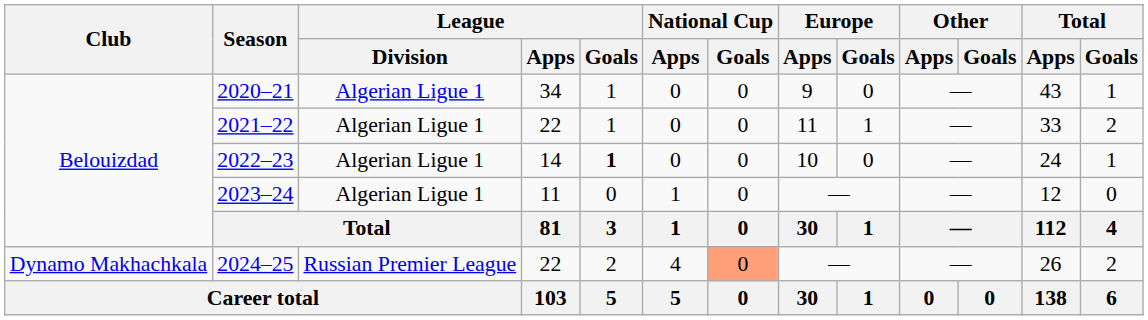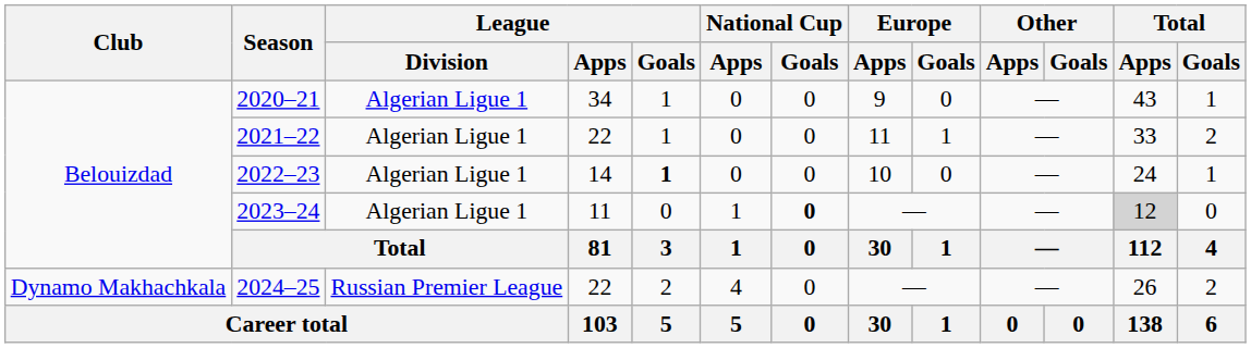 <table class="wikitable" style="text-align:center">
 <tr>
 <th rowspan="2">Club</th>
 <th rowspan="2">Season</th>
 <th colspan="3">League</th>
 <th colspan="2">National Cup</th>
 <th colspan="2">Europe</th>
 <th colspan="2">Other</th>
 <th colspan="2">Total</th>
 </tr>
 <tr>
 <th>Division</th>
 <th>Apps</th>
 <th>Goals</th>
 <th>Apps</th>
 <th>Goals</th>
 <th>Apps</th>
 <th>Goals</th>
 <th>Apps</th>
 <th>Goals</th>
 <th>Apps</th>
 <th>Goals</th>
 </tr>
 <tr>
 <td rowspan="5"><a href='#'>Belouizdad</a></td>
 <td><a href='#'>2020–21</a></td>
 <td><a href='#'>Algerian Ligue 1</a></td>
 <td>34</td>
 <td>1</td>
 <td>0</td>
 <td>0</td>
 <td>9</td>
 <td>0</td>
 <td colspan="2">—</td>
 <td>43</td>
 <td>1</td>
 </tr>
 <tr>
 <td><a href='#'>2021–22</a></td>
 <td>Algerian Ligue 1</td>
 <td>22</td>
 <td>1</td>
 <td>0</td>
 <td>0</td>
 <td>11</td>
 <td>1</td>
 <td colspan="2">—</td>
 <td>33</td>
 <td>2</td>
 </tr>
 <tr>
 <td><a href='#'>2022–23</a></td>
 <td>Algerian Ligue 1</td>
 <td>14</td>
 <td><strong>1</strong></td>
 <td>0</td>
 <td>0</td>
 <td>10</td>
 <td>0</td>
 <td colspan="2">—</td>
 <td>24</td>
 <td>1</td>
 </tr>
 <tr>
 <td><a href='#'>2023–24</a></td>
 <td>Algerian Ligue 1</td>
 <td>11</td>
 <td>0</td>
 <td>1</td>
-<td>0</td>
+<td><strong>0</strong></td>
 <td colspan="2">—</td>
 <td colspan="2">—</td>
-<td>12</td>
+<td style="background: lightgrey;">12</td>
 <td>0</td>
 </tr>
 <tr>
 <th colspan="2">Total</th>
 <th>81</th>
 <th>3</th>
 <th>1</th>
 <th>0</th>
 <th>30</th>
 <th>1</th>
 <th colspan="2">—</th>
 <th>112</th>
 <th>4</th>
 </tr>
 <tr>
 <td><a href='#'>Dynamo Makhachkala</a></td>
 <td><a href='#'>2024–25</a></td>
 <td><a href='#'>Russian Premier League</a></td>
 <td>22</td>
 <td>2</td>
 <td>4</td>
-<td style="background: lightsalmon;">0</td>
+<td>0</td>
 <td colspan="2">—</td>
 <td colspan="2">—</td>
 <td>26</td>
 <td>2</td>
 </tr>
 <tr>
 <th colspan="3">Career total</th>
 <th>103</th>
 <th>5</th>
 <th>5</th>
 <th>0</th>
 <th>30</th>
 <th>1</th>
 <th>0</th>
 <th>0</th>
 <th>138</th>
 <th>6</th>
 </tr>
 </table>
